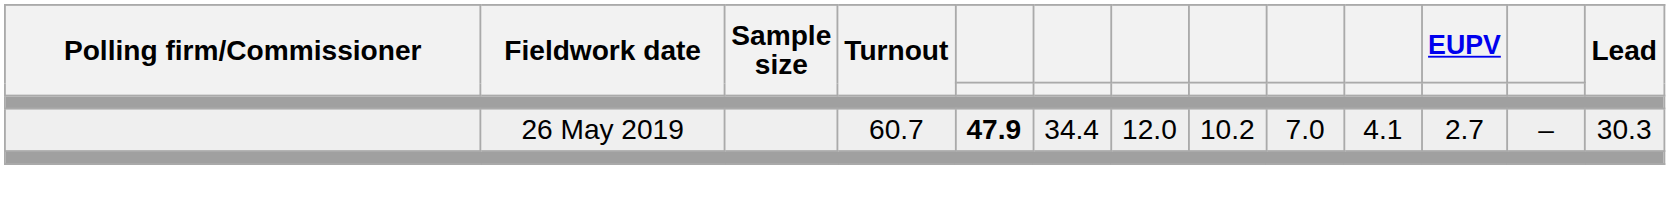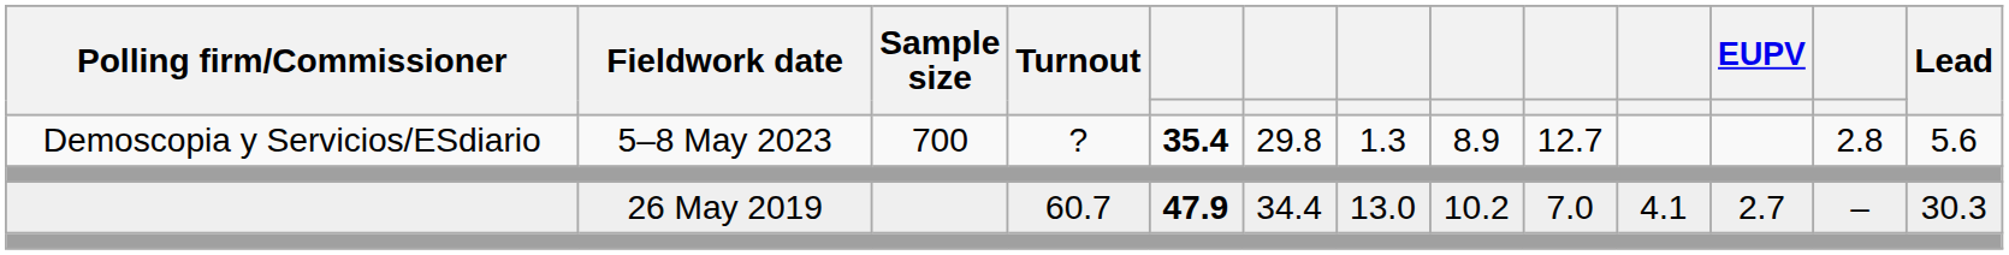 <table class="wikitable collapsible collapsed" style="text-align:center; font-size:95%; line-height:16px;">
 <tr style="height:42px;">
 <th style="width:250px;" rowspan="2">Polling firm/Commissioner</th>
 <th style="width:125px;" rowspan="2">Fieldwork date</th>
 <th style="width:50px;" rowspan="2">Sample size</th>
 <th style="width:45px;" rowspan="2">Turnout</th>
 <th style="width:35px;"></th>
 <th style="width:35px;"></th>
 <th style="width:35px;"></th>
 <th style="width:35px;"></th>
 <th style="width:35px;"></th>
 <th style="width:35px;"></th>
 <th style="width:35px; font-size:95%;"><a href='#'>EUPV</a></th>
 <th style="width:35px;"></th>
 <th style="width:30px;" rowspan="2">Lead</th>
 </tr>
 <tr>
 <th style="color:inherit;background:"></th>
 <th style="color:inherit;background:"></th>
 <th style="color:inherit;background:"></th>
 <th style="color:inherit;background:"></th>
 <th style="color:inherit;background:"></th>
 <th style="color:inherit;background:"></th>
 <th style="color:inherit;background:"></th>
 <th style="color:inherit;background:"></th>
 </tr>
 <tr>
+<td>Demoscopia y Servicios/ESdiario</td>
+<td>5–8 May 2023</td>
+<td>700</td>
+<td>?</td>
+<td><strong>35.4</strong><br></td>
+<td>29.8<br></td>
+<td>1.3<br></td>
+<td>8.9<br></td>
+<td>12.7<br></td>
+<td></td>
+<td></td>
+<td>2.8<br></td>
+<td style="background:">5.6</td>
+</tr>
+<tr>
 <td colspan="13" style="background:#A0A0A0"></td>
 </tr>
 <tr style="background:#EFEFEF;">
 <td><strong></strong></td>
 <td>26 May 2019</td>
 <td></td>
 <td>60.7</td>
 <td><strong>47.9</strong><br></td>
 <td>34.4<br></td>
-<td>12.0<br></td>
+<td>13.0<br></td>
 <td>10.2<br></td>
 <td>7.0<br></td>
 <td>4.1<br></td>
 <td>2.7<br></td>
 <td>–</td>
 <td style="background:">30.3</td>
 </tr>
 <tr>
 <td colspan="13" style="background:#A0A0A0"></td>
 </tr>
 </table>
